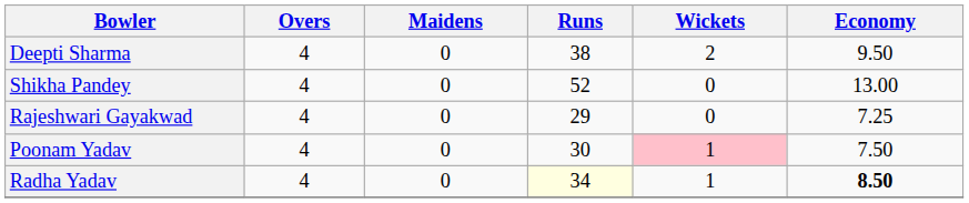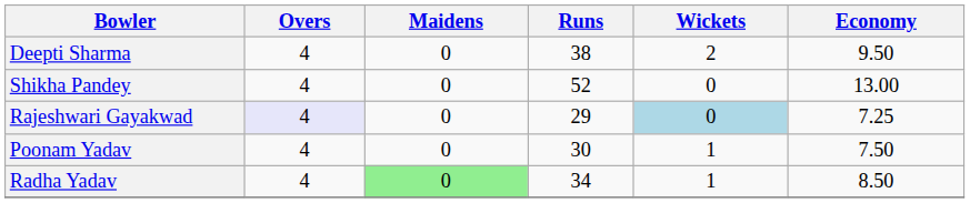 <table border="1" cellpadding="1" cellspacing="0" style="border: gray solid 1px; border-collapse: collapse; text-align: center; width: 60%;" class=wikitable>
 <tr>
 <th scope="col" width="25%"><a href='#'>Bowler</a></th>
 <th scope="col"><a href='#'>Overs</a></th>
 <th scope="col"><a href='#'>Maidens</a></th>
 <th scope="col"><a href='#'>Runs</a></th>
 <th scope="col"><a href='#'>Wickets</a></th>
 <th scope="col"><a href='#'>Economy</a></th>
 </tr>
 <tr>
 <th scope="row" style="font-weight: normal; text-align: left;"><a href='#'>Deepti Sharma</a></th>
 <td>4</td>
 <td>0</td>
 <td>38</td>
 <td>2</td>
 <td>9.50</td>
 </tr>
 <tr>
 <th scope="row" style="font-weight: normal; text-align: left;"><a href='#'>Shikha Pandey</a></th>
 <td>4</td>
 <td>0</td>
 <td>52</td>
 <td>0</td>
 <td>13.00</td>
 </tr>
 <tr>
 <th scope="row" style="font-weight: normal; text-align: left;"><a href='#'>Rajeshwari Gayakwad</a></th>
-<td>4</td>
+<td style="background: lavender;">4</td>
 <td>0</td>
 <td>29</td>
-<td>0</td>
+<td style="background: lightblue;">0</td>
 <td>7.25</td>
 </tr>
 <tr>
 <th scope="row" style="font-weight: normal; text-align: left;"><a href='#'>Poonam Yadav</a></th>
 <td>4</td>
 <td>0</td>
 <td>30</td>
-<td style="background: pink;">1</td>
+<td>1</td>
 <td>7.50</td>
 </tr>
 <tr>
 <th scope="row" style="font-weight: normal; text-align: left;"><a href='#'>Radha Yadav</a></th>
 <td>4</td>
-<td>0</td>
-<td style="background: lightyellow;">34</td>
+<td style="background: lightgreen;">0</td>
+<td>34</td>
 <td>1</td>
-<td><strong>8.50</strong></td>
+<td>8.50</td>
 </tr>
 <tr>
 </tr>
 </table>
